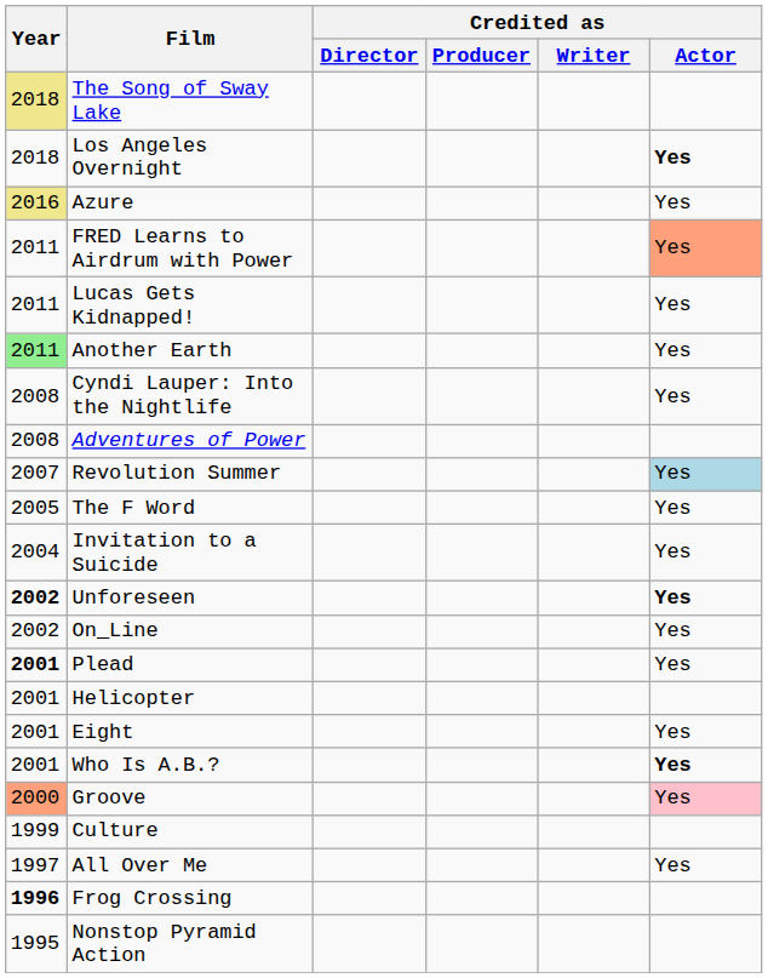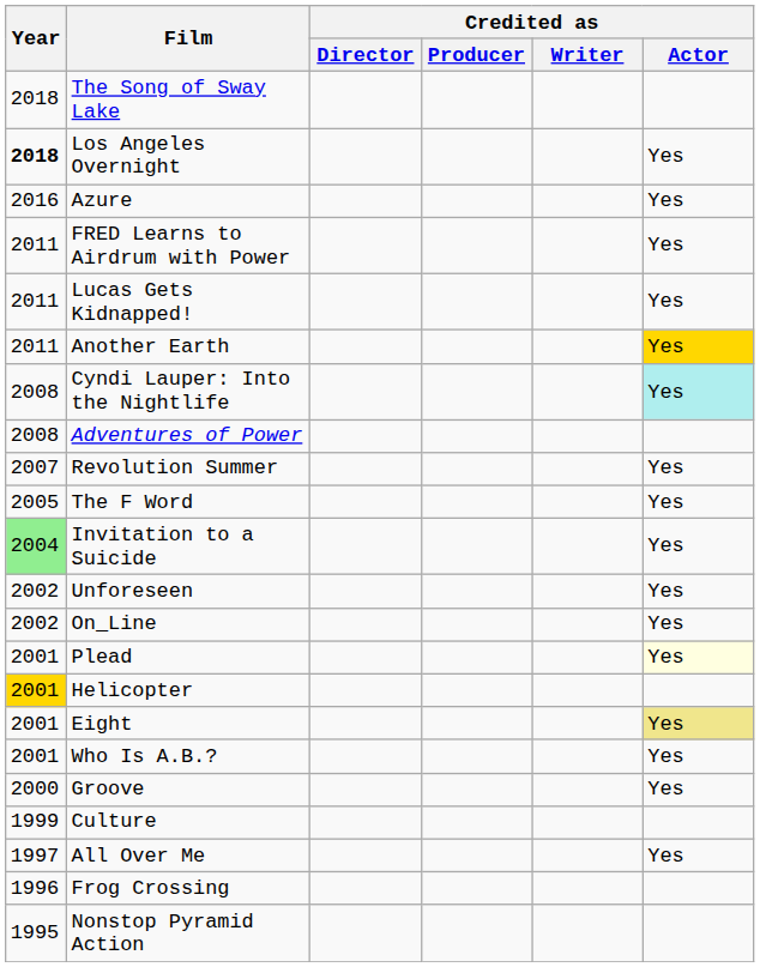 <table class="wikitable">
 <tr>
 <th rowspan="2" width="33">Year</th>
 <th rowspan="2" width="150">Film</th>
 <th colspan="4">Credited as</th>
 </tr>
 <tr>
 <th width="65"><a href='#'>Director</a></th>
 <th width="65"><a href='#'>Producer</a></th>
 <th width="65"><a href='#'>Writer</a></th>
 <th width="65"><a href='#'>Actor</a></th>
 </tr>
 <tr>
-<td style="background: khaki;">2018</td>
+<td>2018</td>
 <td The Song of Sway Lake><a href='#'>The Song of Sway Lake</a></td>
 <td></td>
 <td></td>
 <td></td>
 <td></td>
 </tr>
 <tr>
-<td>2018</td>
+<td><strong>2018</strong></td>
 <td Los Angeles Overnight>Los Angeles Overnight</td>
 <td></td>
 <td></td>
 <td></td>
-<td><strong>Yes</strong></td>
+<td>Yes</td>
 </tr>
 <tr>
-<td style="background: khaki;">2016</td>
+<td>2016</td>
 <td>Azure</td>
 <td></td>
 <td></td>
 <td></td>
 <td>Yes</td>
 </tr>
 <tr>
 <td>2011</td>
 <td>FRED Learns to Airdrum with Power</td>
 <td></td>
 <td></td>
 <td></td>
-<td style="background: lightsalmon;">Yes</td>
+<td>Yes</td>
 </tr>
 <tr>
 <td>2011</td>
 <td>Lucas Gets Kidnapped!</td>
 <td></td>
 <td></td>
 <td></td>
 <td>Yes</td>
 </tr>
 <tr>
-<td style="background: lightgreen;">2011</td>
+<td>2011</td>
 <td>Another Earth</td>
 <td></td>
 <td></td>
 <td></td>
-<td>Yes</td>
+<td style="background: gold;">Yes</td>
 </tr>
 <tr>
 <td>2008</td>
 <td>Cyndi Lauper: Into the Nightlife</td>
 <td></td>
 <td></td>
 <td></td>
-<td>Yes</td>
+<td style="background: paleturquoise;">Yes</td>
 </tr>
 <tr>
 <td>2008</td>
 <td><em><a href='#'>Adventures of Power</a></em></td>
 <td></td>
 <td></td>
 <td></td>
 <td></td>
 </tr>
 <tr>
 <td>2007</td>
 <td>Revolution Summer</td>
 <td></td>
 <td></td>
 <td></td>
-<td style="background: lightblue;">Yes</td>
+<td>Yes</td>
 </tr>
 <tr>
 <td>2005</td>
 <td>The F Word</td>
 <td></td>
 <td></td>
 <td></td>
 <td>Yes</td>
 </tr>
 <tr>
-<td>2004</td>
+<td style="background: lightgreen;">2004</td>
 <td>Invitation to a Suicide</td>
 <td></td>
 <td></td>
 <td></td>
 <td>Yes</td>
 </tr>
 <tr>
-<td><strong>2002</strong></td>
+<td>2002</td>
 <td>Unforeseen</td>
 <td></td>
 <td></td>
 <td></td>
-<td><strong>Yes</strong></td>
+<td>Yes</td>
 </tr>
 <tr>
 <td>2002</td>
 <td>On_Line</td>
 <td></td>
 <td></td>
 <td></td>
 <td>Yes</td>
 </tr>
 <tr>
-<td><strong>2001</strong></td>
+<td>2001</td>
 <td>Plead</td>
 <td></td>
 <td></td>
 <td></td>
-<td>Yes</td>
+<td style="background: lightyellow;">Yes</td>
 </tr>
 <tr>
-<td>2001</td>
+<td style="background: gold;">2001</td>
 <td Helicopter>Helicopter</td>
 <td></td>
 <td></td>
 <td></td>
 <td></td>
 </tr>
 <tr>
 <td>2001</td>
 <td>Eight</td>
 <td></td>
 <td></td>
 <td></td>
-<td>Yes</td>
+<td style="background: khaki;">Yes</td>
 </tr>
 <tr>
 <td>2001</td>
 <td>Who Is A.B.?</td>
 <td></td>
 <td></td>
 <td></td>
-<td><strong>Yes</strong></td>
+<td>Yes</td>
 </tr>
 <tr>
-<td style="background: lightsalmon;">2000</td>
+<td>2000</td>
 <td>Groove</td>
 <td></td>
 <td></td>
 <td></td>
-<td style="background: pink;">Yes</td>
+<td>Yes</td>
 </tr>
 <tr>
 <td>1999</td>
 <td Culture>Culture</td>
 <td></td>
 <td></td>
 <td></td>
 <td></td>
 </tr>
 <tr>
 <td>1997</td>
 <td>All Over Me</td>
 <td></td>
 <td></td>
 <td></td>
 <td>Yes</td>
 </tr>
 <tr>
-<td><strong>1996</strong></td>
+<td>1996</td>
 <td Frog Crossing>Frog Crossing</td>
 <td></td>
 <td></td>
 <td></td>
 <td></td>
 </tr>
 <tr>
 <td>1995</td>
 <td Nonstop Pyramid Action>Nonstop Pyramid Action</td>
 <td></td>
 <td></td>
 <td></td>
 <td></td>
 </tr>
 </table>
